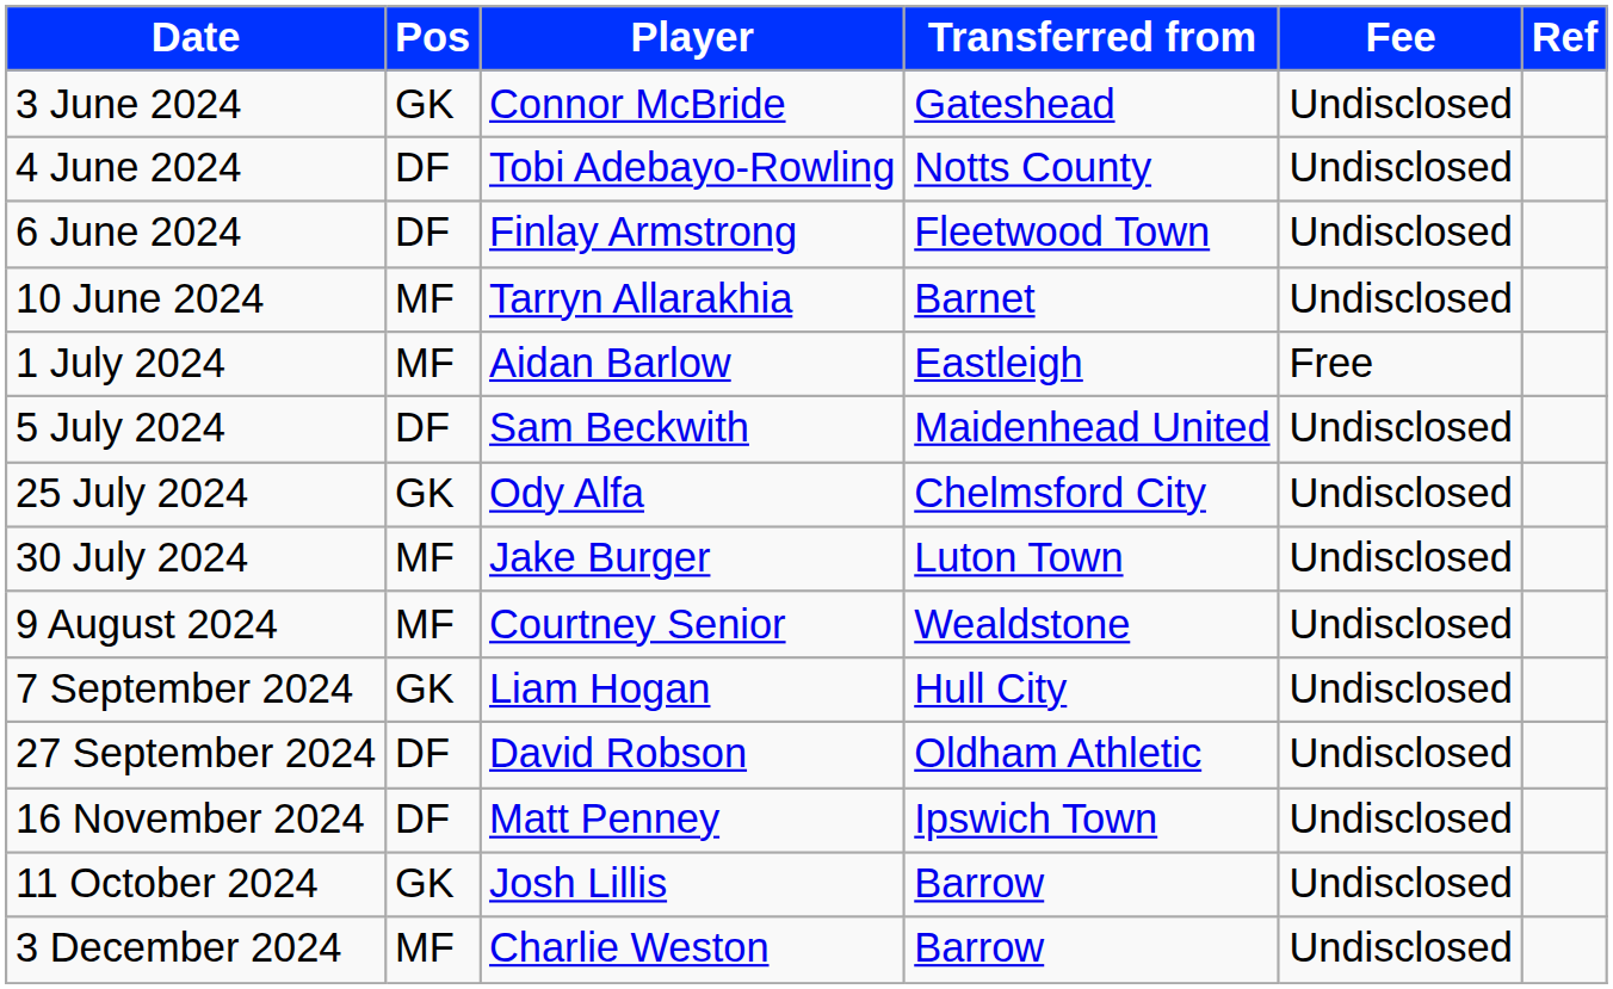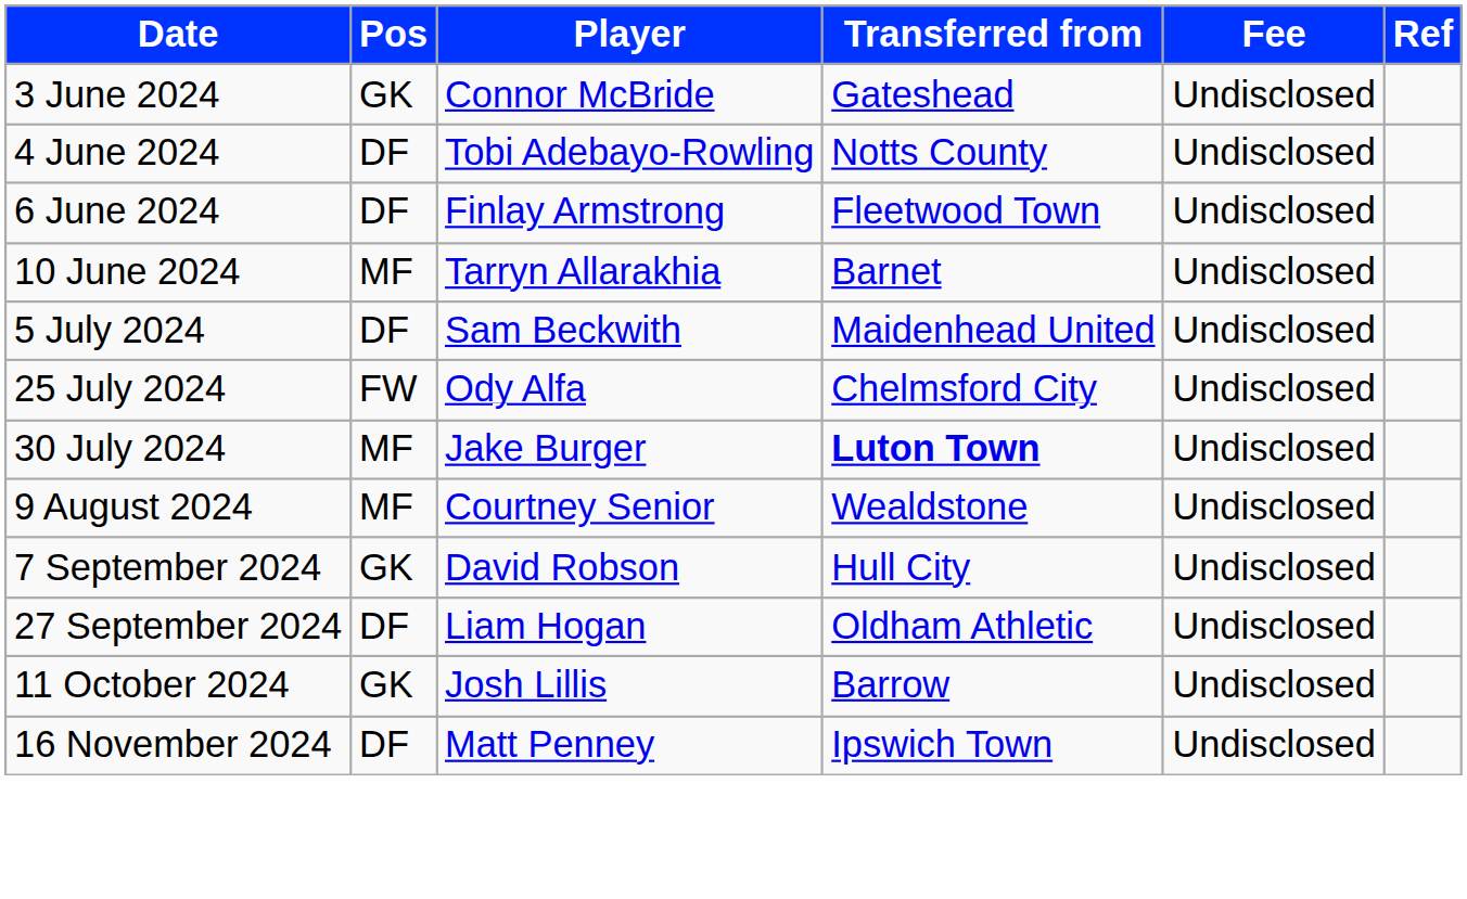 <table class="wikitable plainrowheaders sortable">
 <tr>
 <th style="background:#03f;color:#fff;">Date</th>
 <th style="background:#03f;color:#fff;">Pos</th>
 <th style="background:#03f;color:#fff;">Player</th>
 <th style="background:#03f;color:#fff;">Transferred from</th>
 <th style="background:#03f;color:#fff;">Fee</th>
 <th style="background:#03f;color:#fff;">Ref</th>
 </tr>
 <tr>
 <td>3 June 2024</td>
 <td>GK</td>
 <td> <a href='#'>Connor McBride</a></td>
 <td> <a href='#'>Gateshead</a></td>
 <td>Undisclosed</td>
 <td></td>
 </tr>
 <tr>
 <td>4 June 2024</td>
 <td>DF</td>
 <td> <a href='#'>Tobi Adebayo-Rowling</a></td>
 <td> <a href='#'>Notts County</a></td>
 <td>Undisclosed</td>
 <td></td>
 </tr>
 <tr>
 <td>6 June 2024</td>
 <td>DF</td>
 <td> <a href='#'>Finlay Armstrong</a></td>
 <td> <a href='#'>Fleetwood Town</a></td>
 <td>Undisclosed</td>
 <td></td>
 </tr>
 <tr>
 <td>10 June 2024</td>
 <td>MF</td>
 <td> <a href='#'>Tarryn Allarakhia</a></td>
 <td> <a href='#'>Barnet</a></td>
 <td>Undisclosed</td>
 <td></td>
 </tr>
 <tr>
-<td>1 July 2024</td>
-<td>MF</td>
-<td> <a href='#'>Aidan Barlow</a></td>
-<td> <a href='#'>Eastleigh</a></td>
-<td>Free</td>
-<td></td>
-</tr>
-<tr>
 <td>5 July 2024</td>
 <td>DF</td>
 <td> <a href='#'>Sam Beckwith</a></td>
 <td> <a href='#'>Maidenhead United</a></td>
 <td>Undisclosed</td>
 <td></td>
 </tr>
 <tr>
 <td>25 July 2024</td>
-<td>GK</td>
+<td>FW</td>
 <td> <a href='#'>Ody Alfa</a></td>
 <td> <a href='#'>Chelmsford City</a></td>
 <td>Undisclosed</td>
 <td></td>
 </tr>
 <tr>
 <td>30 July 2024</td>
 <td>MF</td>
 <td> <a href='#'>Jake Burger</a></td>
-<td> <a href='#'>Luton Town</a></td>
+<td><strong> <a href='#'>Luton Town</a></strong></td>
 <td>Undisclosed</td>
 <td></td>
 </tr>
 <tr>
 <td>9 August 2024</td>
 <td>MF</td>
 <td> <a href='#'>Courtney Senior</a></td>
 <td> <a href='#'>Wealdstone</a></td>
 <td>Undisclosed</td>
 <td></td>
 </tr>
 <tr>
 <td>7 September 2024</td>
 <td>GK</td>
-<td> <a href='#'>Liam Hogan</a></td>
+<td> <a href='#'>David Robson</a></td>
 <td> <a href='#'>Hull City</a></td>
 <td>Undisclosed</td>
 <td></td>
 </tr>
 <tr>
 <td>27 September 2024</td>
 <td>DF</td>
-<td> <a href='#'>David Robson</a></td>
+<td> <a href='#'>Liam Hogan</a></td>
 <td> <a href='#'>Oldham Athletic</a></td>
-<td>Undisclosed</td>
-<td></td>
-</tr>
-<tr>
-<td>16 November 2024</td>
-<td>DF</td>
-<td> <a href='#'>Matt Penney</a></td>
-<td> <a href='#'>Ipswich Town</a></td>
 <td>Undisclosed</td>
 <td></td>
 </tr>
 <tr>
 <td>11 October 2024</td>
 <td>GK</td>
 <td> <a href='#'>Josh Lillis</a></td>
 <td> <a href='#'>Barrow</a></td>
 <td>Undisclosed</td>
 <td></td>
 </tr>
 <tr>
-<td>3 December 2024</td>
-<td>MF</td>
-<td> <a href='#'>Charlie Weston</a></td>
-<td> <a href='#'>Barrow</a></td>
+<td>16 November 2024</td>
+<td>DF</td>
+<td> <a href='#'>Matt Penney</a></td>
+<td> <a href='#'>Ipswich Town</a></td>
 <td>Undisclosed</td>
 <td></td>
 </tr>
 </table>
